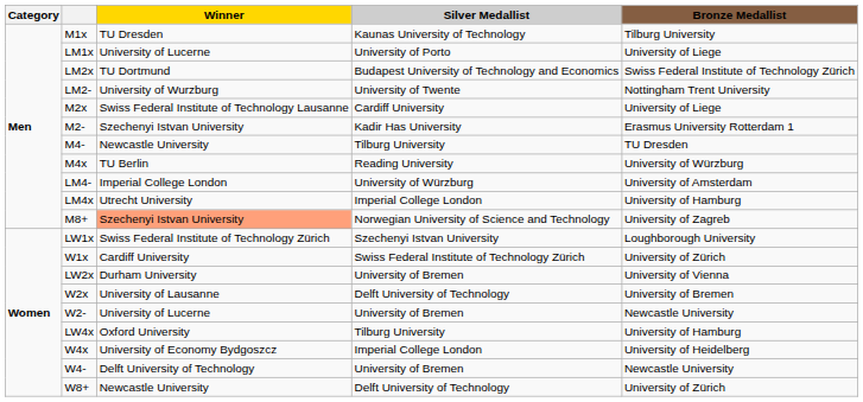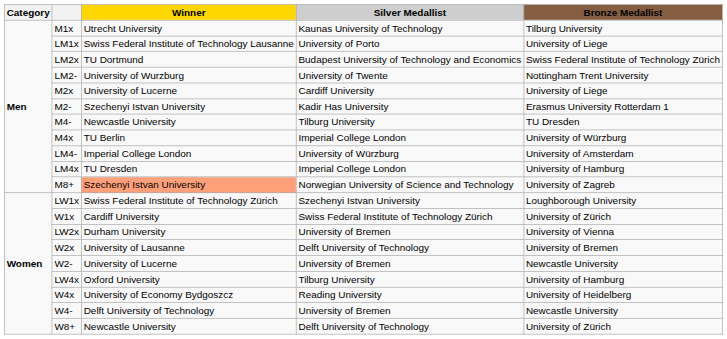 <table class=wikitable style="font-size:90%;">
 <tr>
 <th>Category</th>
 <th></th>
 <th style="background:#FFD700;">Winner</th>
 <th style="background:#CECECE;">Silver Medallist</th>
 <th style="background:#855E42;">Bronze Medallist</th>
 </tr>
 <tr>
 <td rowspan=11><strong>Men</strong></td>
 <td>M1x</td>
-<td>TU Dresden<br> </td>
+<td>Utrecht University<br> </td>
 <td>Kaunas University of Technology<br> </td>
 <td>Tilburg University<br> </td>
 </tr>
 <tr>
 <td>LM1x</td>
-<td>University of Lucerne<br> </td>
+<td>Swiss Federal Institute of Technology Lausanne<br> </td>
 <td>University of Porto<br> </td>
 <td>University of Liege<br> </td>
 </tr>
 <tr>
 <td>LM2x</td>
 <td>TU Dortmund<br> </td>
 <td>Budapest University of Technology and Economics<br> </td>
 <td>Swiss Federal Institute of Technology Zürich<br> </td>
 </tr>
 <tr>
 <td>LM2-</td>
 <td>University of Wurzburg <br> </td>
 <td>University of Twente <br> </td>
 <td>Nottingham Trent University<br> </td>
 </tr>
 <tr>
 <td>M2x</td>
-<td>Swiss Federal Institute of Technology Lausanne<br> </td>
+<td>University of Lucerne<br> </td>
 <td>Cardiff University<br> </td>
 <td>University of Liege<br> </td>
 </tr>
 <tr>
 <td>M2-</td>
 <td>Szechenyi Istvan University<br> </td>
 <td>Kadir Has University<br> </td>
 <td>Erasmus University Rotterdam 1<br> </td>
 </tr>
 <tr>
 <td>M4-</td>
 <td>Newcastle University<br> </td>
 <td>Tilburg University<br> </td>
 <td>TU Dresden <br> </td>
 </tr>
 <tr>
 <td>M4x</td>
 <td>TU Berlin <br> </td>
-<td>Reading University<br> </td>
+<td>Imperial College London <br> </td>
 <td>University of Würzburg<br> </td>
 </tr>
 <tr>
 <td>LM4-</td>
 <td>Imperial College London<br> </td>
 <td>University of Würzburg <br> </td>
 <td>University of Amsterdam<br> </td>
 </tr>
 <tr>
 <td>LM4x</td>
-<td>Utrecht University<br> </td>
+<td>TU Dresden<br> </td>
 <td>Imperial College London<br> </td>
 <td>University of Hamburg<br> </td>
 </tr>
 <tr>
 <td>M8+</td>
 <td style="background: lightsalmon;">Szechenyi Istvan University <br> </td>
 <td>Norwegian University of Science and Technology<br> </td>
 <td>University of Zagreb<br></td>
 </tr>
 <tr>
 <td rowspan=9><strong>Women</strong></td>
 <td>LW1x</td>
 <td>Swiss Federal Institute of Technology Zürich<br> </td>
 <td>Szechenyi Istvan University<br> </td>
 <td>Loughborough University<br> </td>
 </tr>
 <tr>
 <td>W1x</td>
 <td>Cardiff University<br> </td>
 <td>Swiss Federal Institute of Technology Zürich<br> </td>
 <td>University of Zürich<br> </td>
 </tr>
 <tr>
 <td>LW2x</td>
 <td>Durham University<br> </td>
 <td>University of Bremen <br> </td>
 <td>University of Vienna<br> </td>
 </tr>
 <tr>
 <td>W2x</td>
 <td>University of Lausanne<br> </td>
 <td>Delft University of Technology<br> </td>
 <td>University of Bremen<br> </td>
 </tr>
 <tr>
 <td>W2-</td>
 <td>University of Lucerne<br> </td>
 <td>University of Bremen<br> </td>
 <td>Newcastle University<br> </td>
 </tr>
 <tr>
 <td>LW4x</td>
 <td>Oxford University <br> </td>
 <td>Tilburg University<br> </td>
 <td>University of Hamburg <br> </td>
 </tr>
 <tr>
 <td>W4x</td>
 <td>University of Economy Bydgoszcz<br> </td>
-<td>Imperial College London <br> </td>
+<td>Reading University<br> </td>
 <td>University of Heidelberg <br> </td>
 </tr>
 <tr>
 <td>W4-</td>
 <td>Delft University of Technology<br> </td>
 <td>University of Bremen<br>  </td>
 <td>Newcastle University<br> </td>
 </tr>
 <tr>
 <td>W8+</td>
 <td>Newcastle University<br> </td>
 <td>Delft University of Technology<br> </td>
 <td>University of Zürich<br>  </td>
 </tr>
 </table>
